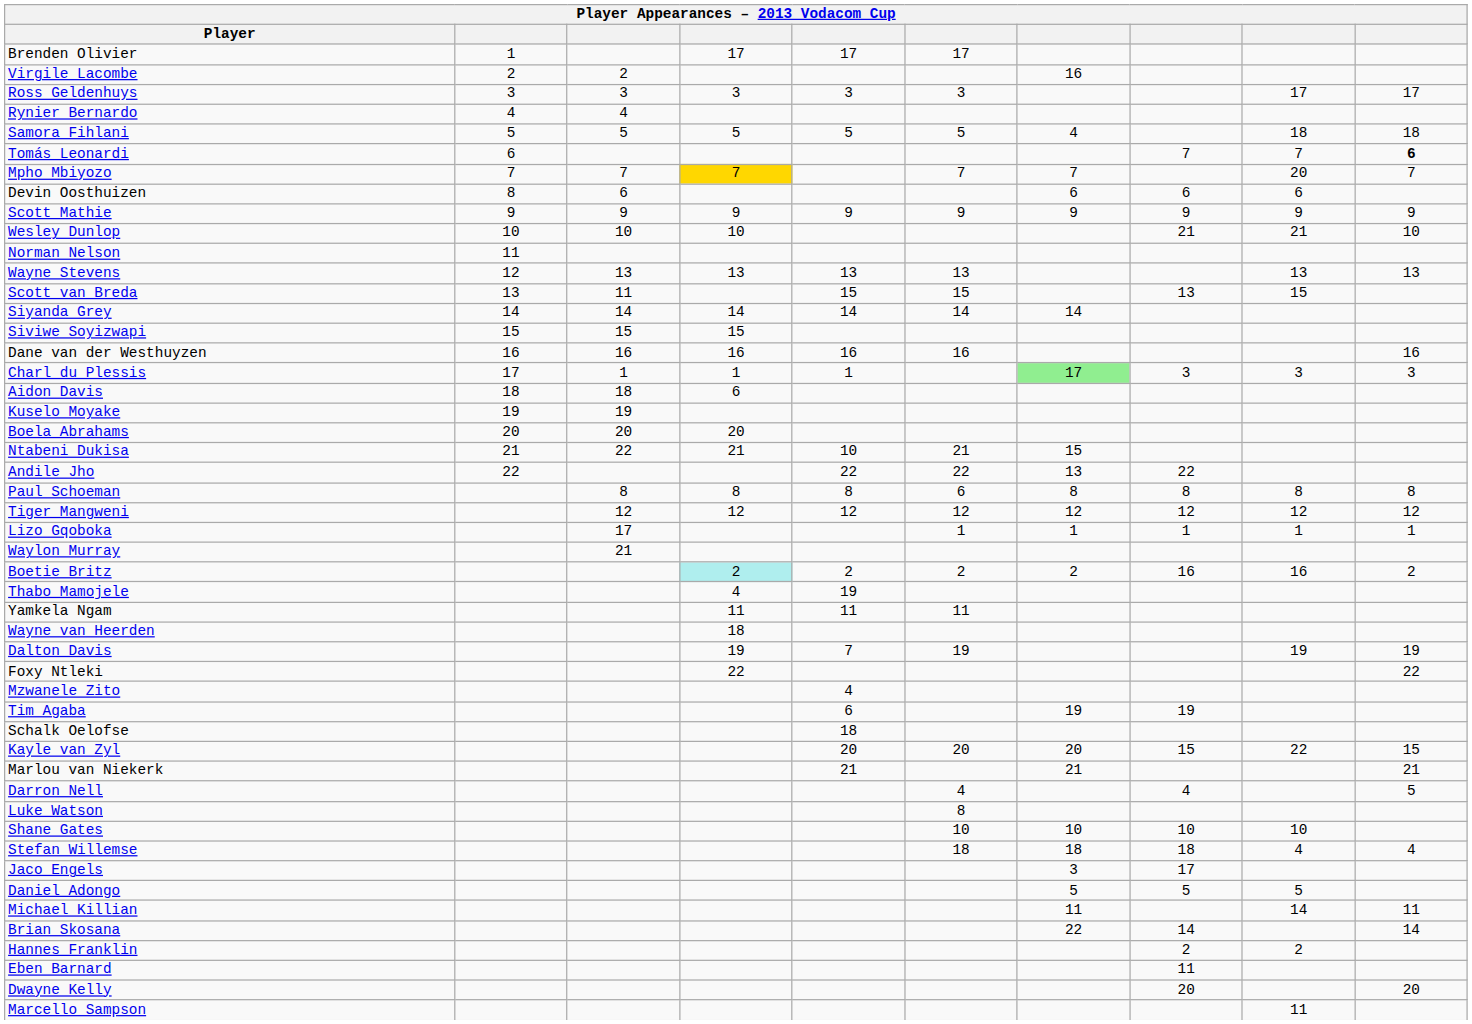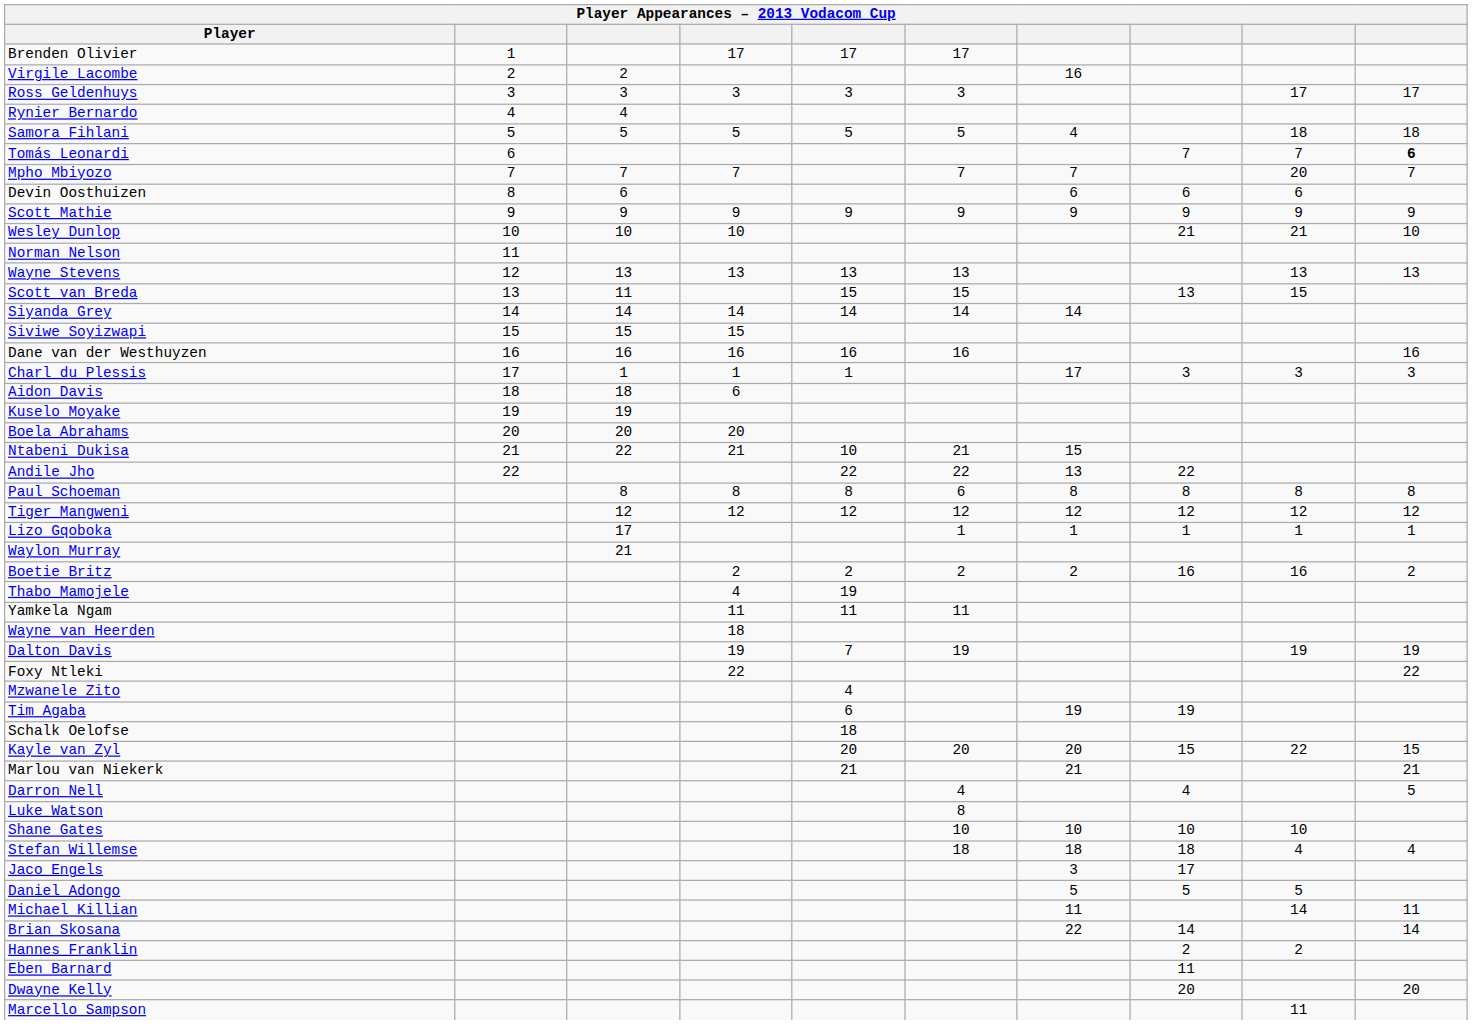 <table class="wikitable sortable"  style="text-align:center; line-height:90%; font-size:90%; width:60%;">
 <tr>
 <th colspan=10>Player Appearances – <a href='#'>2013 Vodacom Cup</a></th>
 </tr>
 <tr>
 <th style="width:20%;">Player</th>
 <th style="width:5%;"></th>
 <th style="width:5%;"></th>
 <th style="width:5%;"></th>
 <th style="width:5%;"></th>
 <th style="width:5%;"></th>
 <th style="width:5%;"></th>
 <th style="width:5%;"></th>
 <th style="width:5%;"></th>
 <th style="width:5%;"></th>
 </tr>
 <tr>
 <td align=left>Brenden Olivier</td>
 <td>1</td>
 <td></td>
 <td>17 </td>
 <td>17 </td>
 <td>17 </td>
 <td></td>
 <td></td>
 <td></td>
 <td></td>
 </tr>
 <tr>
 <td align=left><a href='#'>Virgile Lacombe</a></td>
 <td>2</td>
 <td>2</td>
 <td></td>
 <td></td>
 <td></td>
 <td>16 </td>
 <td></td>
 <td></td>
 <td></td>
 </tr>
 <tr>
 <td align=left><a href='#'>Ross Geldenhuys</a></td>
 <td>3</td>
 <td>3</td>
 <td>3</td>
 <td>3</td>
 <td>3</td>
 <td></td>
 <td></td>
 <td>17 </td>
 <td>17 </td>
 </tr>
 <tr>
 <td align=left><a href='#'>Rynier Bernardo</a></td>
 <td>4</td>
 <td>4</td>
 <td></td>
 <td></td>
 <td></td>
 <td></td>
 <td></td>
 <td></td>
 <td></td>
 </tr>
 <tr>
 <td align=left><a href='#'>Samora Fihlani</a></td>
 <td>5</td>
 <td>5</td>
 <td>5</td>
 <td>5</td>
 <td>5</td>
 <td>4</td>
 <td></td>
 <td>18 </td>
 <td>18 </td>
 </tr>
 <tr>
 <td align=left><a href='#'>Tomás Leonardi</a></td>
 <td>6</td>
 <td></td>
 <td></td>
 <td></td>
 <td></td>
 <td></td>
 <td>7</td>
 <td>7</td>
 <td><strong>6</strong></td>
 </tr>
 <tr>
 <td align=left><a href='#'>Mpho Mbiyozo</a></td>
 <td>7</td>
 <td>7</td>
-<td style="background: gold;">7</td>
+<td>7</td>
 <td></td>
 <td>7</td>
 <td>7</td>
 <td></td>
 <td>20 </td>
 <td>7</td>
 </tr>
 <tr>
 <td align=left>Devin Oosthuizen</td>
 <td>8</td>
 <td>6</td>
 <td></td>
 <td></td>
 <td></td>
 <td>6</td>
 <td>6</td>
 <td>6</td>
 <td></td>
 </tr>
 <tr>
 <td align=left><a href='#'>Scott Mathie</a></td>
 <td>9</td>
 <td>9</td>
 <td>9</td>
 <td>9</td>
 <td>9</td>
 <td>9</td>
 <td>9</td>
 <td>9</td>
 <td>9</td>
 </tr>
 <tr>
 <td align=left><a href='#'>Wesley Dunlop</a></td>
 <td>10</td>
 <td>10</td>
 <td>10</td>
 <td></td>
 <td></td>
 <td></td>
 <td>21 </td>
 <td>21 </td>
 <td>10</td>
 </tr>
 <tr>
 <td align=left><a href='#'>Norman Nelson</a></td>
 <td>11</td>
 <td></td>
 <td></td>
 <td></td>
 <td></td>
 <td></td>
 <td></td>
 <td></td>
 <td></td>
 </tr>
 <tr>
 <td align=left><a href='#'>Wayne Stevens</a></td>
 <td>12</td>
 <td>13</td>
 <td>13</td>
 <td>13</td>
 <td>13</td>
 <td></td>
 <td></td>
 <td>13</td>
 <td>13</td>
 </tr>
 <tr>
 <td align=left><a href='#'>Scott van Breda</a></td>
 <td>13</td>
 <td>11</td>
 <td></td>
 <td>15</td>
 <td>15</td>
 <td></td>
 <td>13</td>
 <td>15</td>
 <td></td>
 </tr>
 <tr>
 <td align=left><a href='#'>Siyanda Grey</a></td>
 <td>14</td>
 <td>14</td>
 <td>14</td>
 <td>14</td>
 <td>14</td>
 <td>14</td>
 <td></td>
 <td></td>
 <td></td>
 </tr>
 <tr>
 <td align=left><a href='#'>Siviwe Soyizwapi</a></td>
 <td>15</td>
 <td>15</td>
 <td>15</td>
 <td></td>
 <td></td>
 <td></td>
 <td></td>
 <td></td>
 <td></td>
 </tr>
 <tr>
 <td align=left>Dane van der Westhuyzen</td>
 <td>16 </td>
 <td>16 </td>
 <td>16 </td>
 <td>16 </td>
 <td>16 </td>
 <td></td>
 <td></td>
 <td></td>
 <td>16 </td>
 </tr>
 <tr>
 <td align=left><a href='#'>Charl du Plessis</a></td>
 <td>17 </td>
 <td>1</td>
 <td>1</td>
 <td>1</td>
 <td></td>
-<td style="background: lightgreen;">17 </td>
+<td>17 </td>
 <td>3</td>
 <td>3</td>
 <td>3</td>
 </tr>
 <tr>
 <td align=left><a href='#'>Aidon Davis</a></td>
 <td>18 </td>
 <td>18 </td>
 <td>6</td>
 <td></td>
 <td></td>
 <td></td>
 <td></td>
 <td></td>
 <td></td>
 </tr>
 <tr>
 <td align=left><a href='#'>Kuselo Moyake</a></td>
 <td>19 </td>
 <td>19 </td>
 <td></td>
 <td></td>
 <td></td>
 <td></td>
 <td></td>
 <td></td>
 <td></td>
 </tr>
 <tr>
 <td align=left><a href='#'>Boela Abrahams</a></td>
 <td>20 </td>
 <td>20 </td>
 <td>20 </td>
 <td></td>
 <td></td>
 <td></td>
 <td></td>
 <td></td>
 <td></td>
 </tr>
 <tr>
 <td align=left><a href='#'>Ntabeni Dukisa</a></td>
 <td>21</td>
 <td>22 </td>
 <td>21 </td>
 <td>10</td>
 <td>21 </td>
 <td>15</td>
 <td></td>
 <td></td>
 <td></td>
 </tr>
 <tr>
 <td align=left><a href='#'>Andile Jho</a></td>
 <td>22</td>
 <td></td>
 <td></td>
 <td>22 </td>
 <td>22 </td>
 <td>13</td>
 <td>22 </td>
 <td></td>
 <td></td>
 </tr>
 <tr>
 <td align=left><a href='#'>Paul Schoeman</a></td>
 <td></td>
 <td>8</td>
 <td>8</td>
 <td>8</td>
 <td>6</td>
 <td>8</td>
 <td>8</td>
 <td>8</td>
 <td>8</td>
 </tr>
 <tr>
 <td align=left><a href='#'>Tiger Mangweni</a></td>
 <td></td>
 <td>12</td>
 <td>12</td>
 <td>12</td>
 <td>12</td>
 <td>12</td>
 <td>12</td>
 <td>12</td>
 <td>12</td>
 </tr>
 <tr>
 <td align=left><a href='#'>Lizo Gqoboka</a></td>
 <td></td>
 <td>17 </td>
 <td></td>
 <td></td>
 <td>1</td>
 <td>1</td>
 <td>1</td>
 <td>1</td>
 <td>1</td>
 </tr>
 <tr>
 <td align=left><a href='#'>Waylon Murray</a></td>
 <td></td>
 <td>21 </td>
 <td></td>
 <td></td>
 <td></td>
 <td></td>
 <td></td>
 <td></td>
 <td></td>
 </tr>
 <tr>
 <td align=left><a href='#'>Boetie Britz</a></td>
 <td></td>
 <td></td>
-<td style="background: paleturquoise;">2</td>
+<td>2</td>
 <td>2</td>
 <td>2</td>
 <td>2</td>
 <td>16 </td>
 <td>16 </td>
 <td>2</td>
 </tr>
 <tr>
 <td align=left><a href='#'>Thabo Mamojele</a></td>
 <td></td>
 <td></td>
 <td>4</td>
 <td>19 </td>
 <td></td>
 <td></td>
 <td></td>
 <td></td>
 <td></td>
 </tr>
 <tr>
 <td align=left>Yamkela Ngam</td>
 <td></td>
 <td></td>
 <td>11</td>
 <td>11</td>
 <td>11</td>
 <td></td>
 <td></td>
 <td></td>
 <td></td>
 </tr>
 <tr>
 <td align=left><a href='#'>Wayne van Heerden</a></td>
 <td></td>
 <td></td>
 <td>18 </td>
 <td></td>
 <td></td>
 <td></td>
 <td></td>
 <td></td>
 <td></td>
 </tr>
 <tr>
 <td align=left><a href='#'>Dalton Davis</a></td>
 <td></td>
 <td></td>
 <td>19 </td>
 <td>7</td>
 <td>19 </td>
 <td></td>
 <td></td>
 <td>19 </td>
 <td>19 </td>
 </tr>
 <tr>
 <td align=left>Foxy Ntleki</td>
 <td></td>
 <td></td>
 <td>22 </td>
 <td></td>
 <td></td>
 <td></td>
 <td></td>
 <td></td>
 <td>22 </td>
 </tr>
 <tr>
 <td align=left><a href='#'>Mzwanele Zito</a></td>
 <td></td>
 <td></td>
 <td></td>
 <td>4</td>
 <td></td>
 <td></td>
 <td></td>
 <td></td>
 <td></td>
 </tr>
 <tr>
 <td align=left><a href='#'>Tim Agaba</a></td>
 <td></td>
 <td></td>
 <td></td>
 <td>6</td>
 <td></td>
 <td>19</td>
 <td>19 </td>
 <td></td>
 <td></td>
 </tr>
 <tr>
 <td align=left>Schalk Oelofse</td>
 <td></td>
 <td></td>
 <td></td>
 <td>18 </td>
 <td></td>
 <td></td>
 <td></td>
 <td></td>
 <td></td>
 </tr>
 <tr>
 <td align=left><a href='#'>Kayle van Zyl</a></td>
 <td></td>
 <td></td>
 <td></td>
 <td>20 </td>
 <td>20 </td>
 <td>20 </td>
 <td>15</td>
 <td>22 </td>
 <td>15</td>
 </tr>
 <tr>
 <td align=left>Marlou van Niekerk</td>
 <td></td>
 <td></td>
 <td></td>
 <td>21 </td>
 <td></td>
 <td>21</td>
 <td></td>
 <td></td>
 <td>21 </td>
 </tr>
 <tr>
 <td align=left><a href='#'>Darron Nell</a></td>
 <td></td>
 <td></td>
 <td></td>
 <td></td>
 <td>4</td>
 <td></td>
 <td>4</td>
 <td></td>
 <td>5</td>
 </tr>
 <tr>
 <td align=left><a href='#'>Luke Watson</a></td>
 <td></td>
 <td></td>
 <td></td>
 <td></td>
 <td>8</td>
 <td></td>
 <td></td>
 <td></td>
 <td></td>
 </tr>
 <tr>
 <td align=left><a href='#'>Shane Gates</a></td>
 <td></td>
 <td></td>
 <td></td>
 <td></td>
 <td>10</td>
 <td>10</td>
 <td>10</td>
 <td>10</td>
 <td></td>
 </tr>
 <tr>
 <td align=left><a href='#'>Stefan Willemse</a></td>
 <td></td>
 <td></td>
 <td></td>
 <td></td>
 <td>18 </td>
 <td>18 </td>
 <td>18 </td>
 <td>4</td>
 <td>4</td>
 </tr>
 <tr>
 <td align=left><a href='#'>Jaco Engels</a></td>
 <td></td>
 <td></td>
 <td></td>
 <td></td>
 <td></td>
 <td>3</td>
 <td>17 </td>
 <td></td>
 <td></td>
 </tr>
 <tr>
 <td align=left><a href='#'>Daniel Adongo</a></td>
 <td></td>
 <td></td>
 <td></td>
 <td></td>
 <td></td>
 <td>5</td>
 <td>5</td>
 <td>5</td>
 <td></td>
 </tr>
 <tr>
 <td align=left><a href='#'>Michael Killian</a></td>
 <td></td>
 <td></td>
 <td></td>
 <td></td>
 <td></td>
 <td>11</td>
 <td></td>
 <td>14</td>
 <td>11</td>
 </tr>
 <tr>
 <td align=left><a href='#'>Brian Skosana</a></td>
 <td></td>
 <td></td>
 <td></td>
 <td></td>
 <td></td>
 <td>22</td>
 <td>14</td>
 <td></td>
 <td>14</td>
 </tr>
 <tr>
 <td align=left><a href='#'>Hannes Franklin</a></td>
 <td></td>
 <td></td>
 <td></td>
 <td></td>
 <td></td>
 <td></td>
 <td>2</td>
 <td>2</td>
 <td></td>
 </tr>
 <tr>
 <td align=left><a href='#'>Eben Barnard</a></td>
 <td></td>
 <td></td>
 <td></td>
 <td></td>
 <td></td>
 <td></td>
 <td>11</td>
 <td></td>
 <td></td>
 </tr>
 <tr>
 <td align=left><a href='#'>Dwayne Kelly</a></td>
 <td></td>
 <td></td>
 <td></td>
 <td></td>
 <td></td>
 <td></td>
 <td>20 </td>
 <td></td>
 <td>20 </td>
 </tr>
 <tr>
 <td align=left><a href='#'>Marcello Sampson</a></td>
 <td></td>
 <td></td>
 <td></td>
 <td></td>
 <td></td>
 <td></td>
 <td></td>
 <td>11</td>
 <td></td>
 </tr>
 </table>
